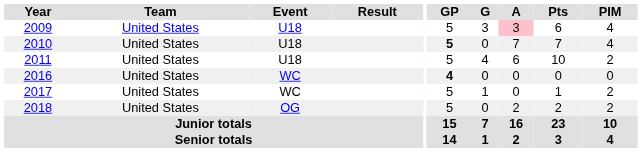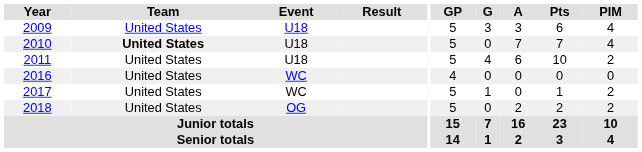 <table border="0" cellpadding="1" cellspacing="0" style="text-align:center; width:50%">
 <tr style="background: #e0e0e0;">
 <th>Year</th>
 <th>Team</th>
 <th>Event</th>
 <th>Result</th>
 <th rowspan="99" bgcolor="#ffffff"></th>
 <th>GP</th>
 <th>G</th>
 <th>A</th>
 <th>Pts</th>
 <th>PIM</th>
 </tr>
 <tr>
 <td><a href='#'>2009</a></td>
 <td><a href='#'>United States</a></td>
 <td><a href='#'>U18</a></td>
 <td></td>
 <td>5</td>
 <td>3</td>
-<td style="background: pink;">3</td>
+<td>3</td>
 <td>6</td>
 <td>4</td>
 </tr>
 <tr style="background: #f0f0f0;">
 <td><a href='#'>2010</a></td>
-<td>United States</td>
+<td><strong>United States</strong></td>
 <td>U18</td>
 <td></td>
-<td><strong>5</strong></td>
+<td>5</td>
 <td>0</td>
 <td>7</td>
 <td>7</td>
 <td>4</td>
 </tr>
 <tr>
 <td><a href='#'>2011</a></td>
 <td>United States</td>
 <td>U18</td>
 <td></td>
 <td>5</td>
 <td>4</td>
 <td>6</td>
 <td>10</td>
 <td>2</td>
 </tr>
 <tr style="background: #f0f0f0;">
 <td><a href='#'>2016</a></td>
 <td>United States</td>
 <td><a href='#'>WC</a></td>
 <td></td>
-<td><strong>4</strong></td>
+<td>4</td>
 <td>0</td>
 <td>0</td>
 <td>0</td>
 <td>0</td>
 </tr>
 <tr>
 <td><a href='#'>2017</a></td>
 <td>United States</td>
 <td>WC</td>
 <td></td>
 <td>5</td>
 <td>1</td>
 <td>0</td>
 <td>1</td>
 <td>2</td>
 </tr>
 <tr style="background: #f0f0f0;">
 <td><a href='#'>2018</a></td>
 <td>United States</td>
 <td><a href='#'>OG</a></td>
 <td></td>
 <td>5</td>
 <td>0</td>
 <td>2</td>
 <td>2</td>
 <td>2</td>
 </tr>
 <tr style="background: #e0e0e0;">
 <th colspan="4">Junior totals</th>
 <th>15</th>
 <th>7</th>
 <th>16</th>
 <th>23</th>
 <th>10</th>
 </tr>
 <tr style="background: #e0e0e0;">
 <th colspan="4">Senior totals</th>
 <th>14</th>
 <th>1</th>
 <th>2</th>
 <th>3</th>
 <th>4</th>
 </tr>
 </table>
